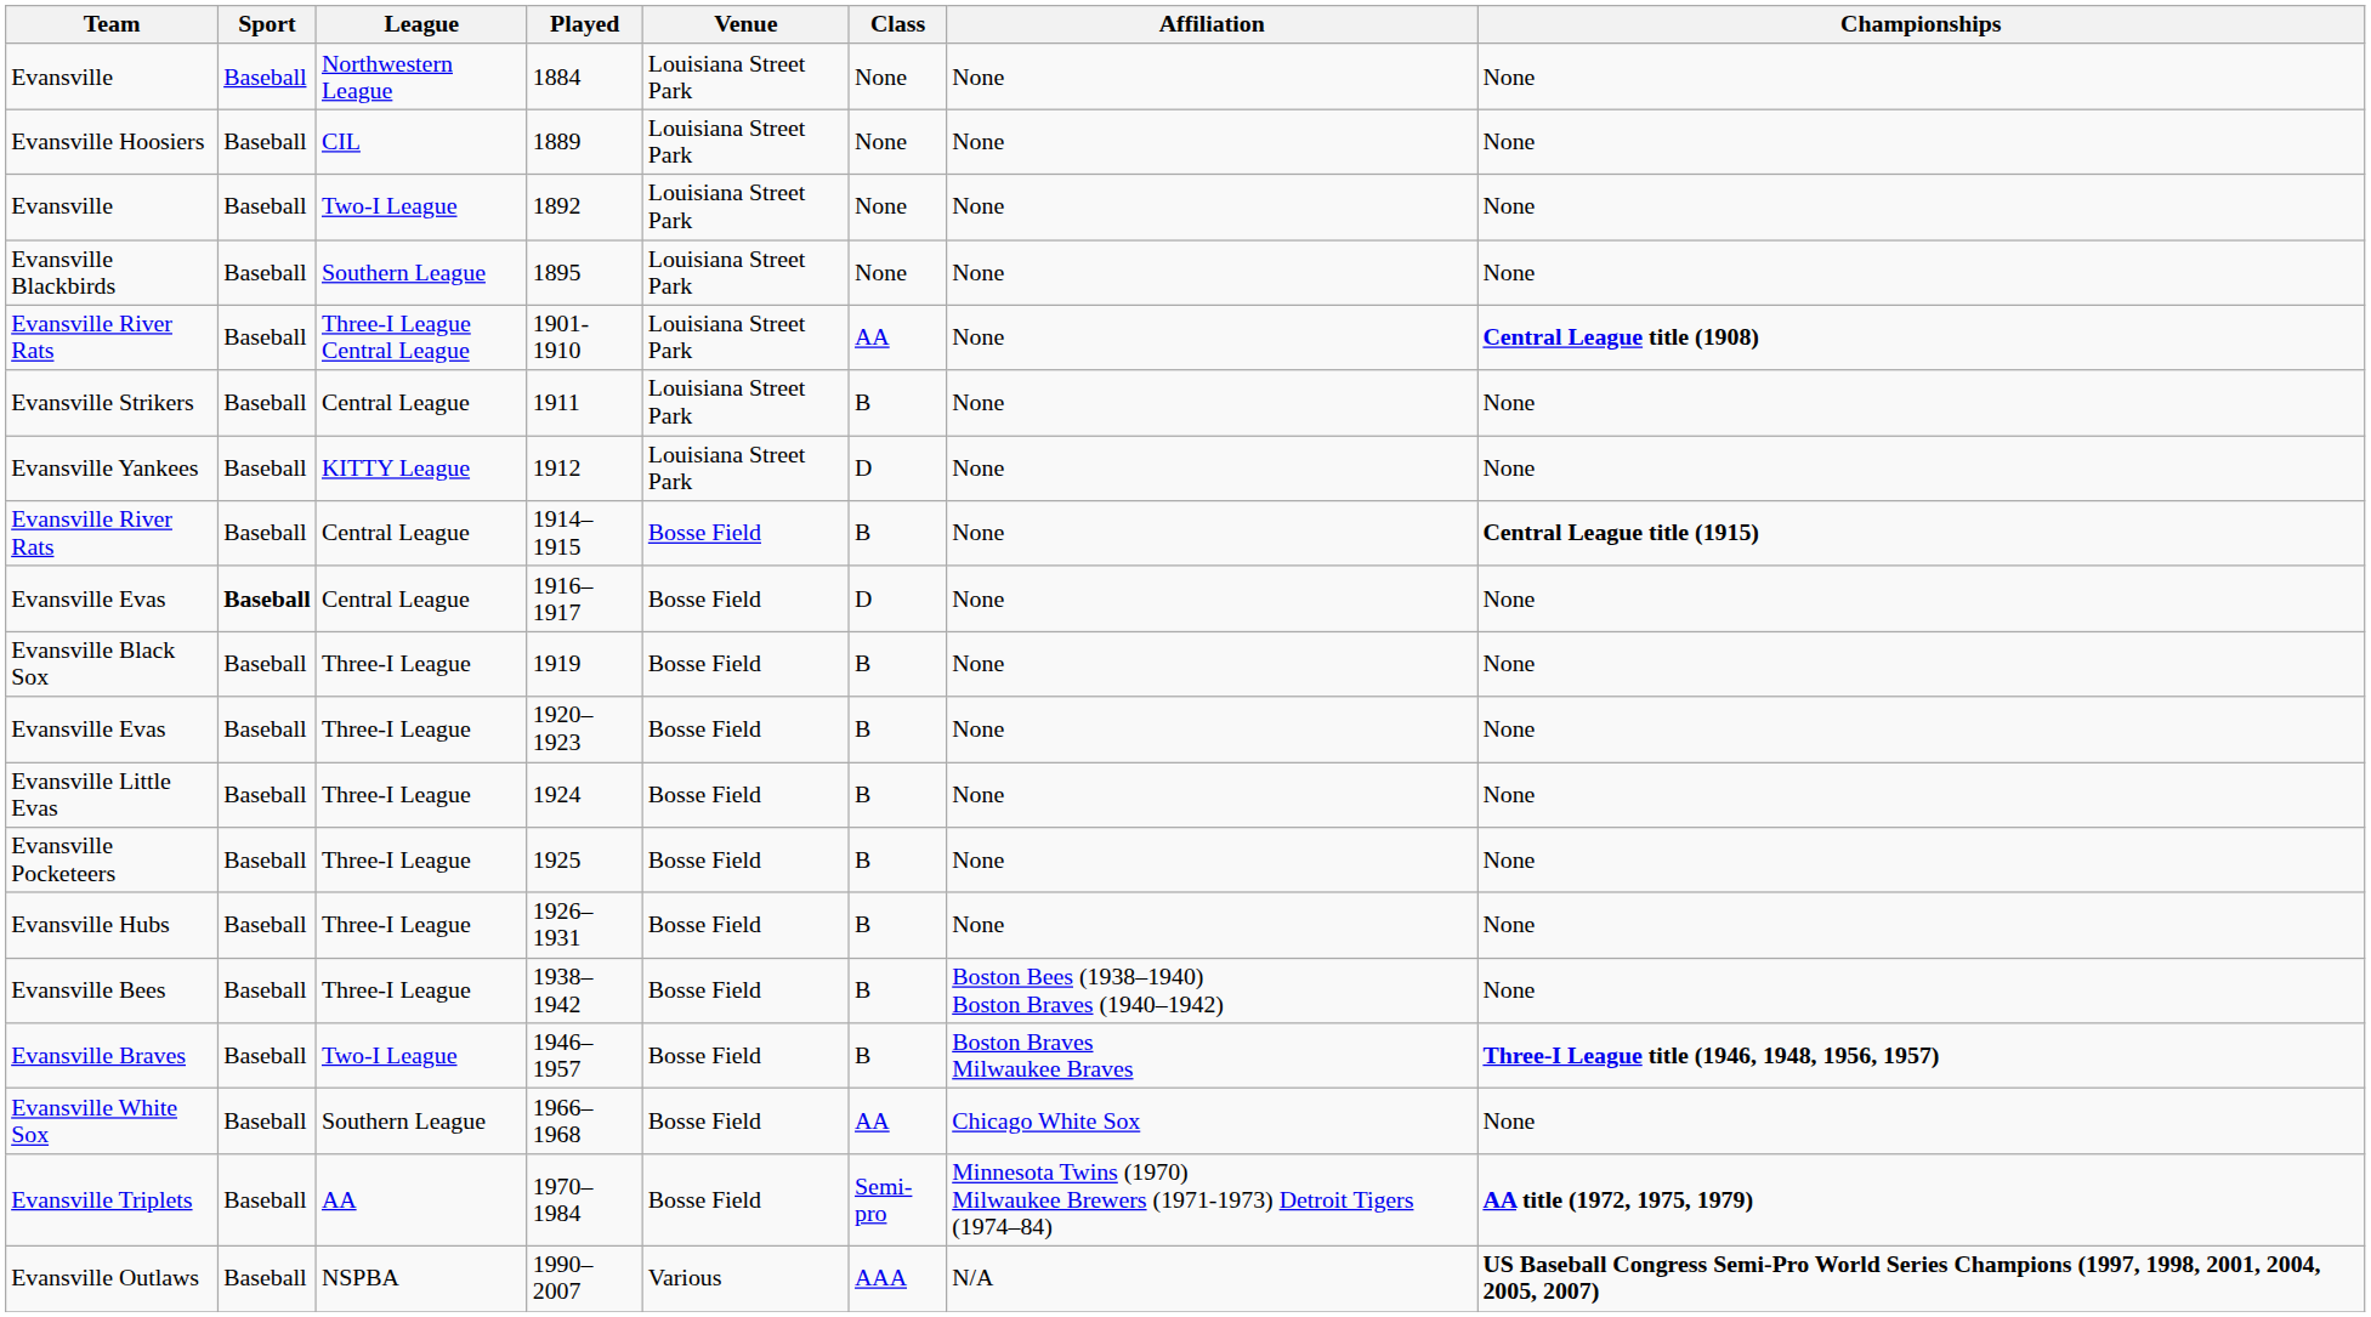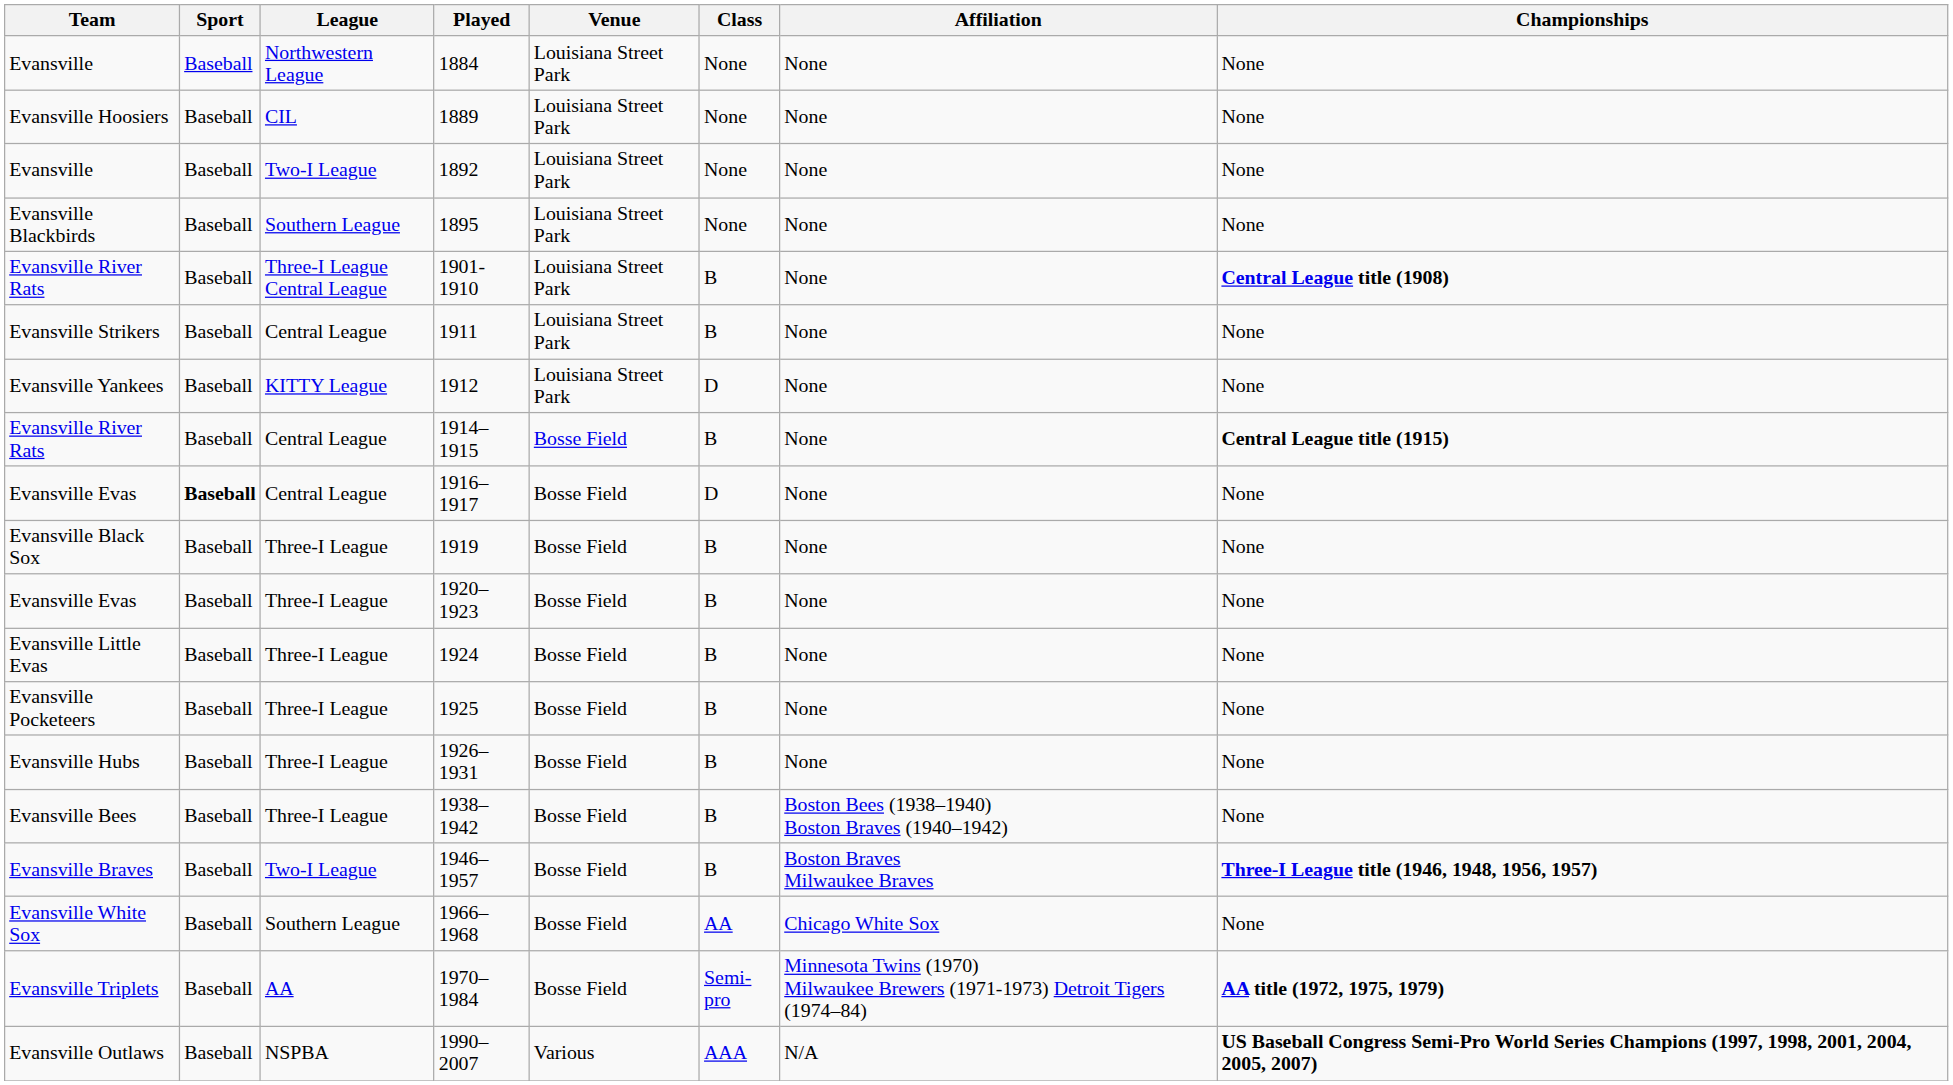 <table class="wikitable">
 <tr>
 <th>Team</th>
 <th>Sport</th>
 <th>League</th>
 <th>Played</th>
 <th>Venue</th>
 <th>Class</th>
 <th>Affiliation</th>
 <th>Championships</th>
 </tr>
 <tr>
 <td>Evansville</td>
 <td><a href='#'>Baseball</a></td>
 <td><a href='#'>Northwestern League</a></td>
 <td>1884</td>
 <td>Louisiana Street Park</td>
 <td>None</td>
 <td>None</td>
 <td>None</td>
 </tr>
 <tr>
 <td>Evansville Hoosiers</td>
 <td>Baseball</td>
 <td><a href='#'>CIL</a></td>
 <td>1889</td>
 <td>Louisiana Street Park</td>
 <td>None</td>
 <td>None</td>
 <td>None</td>
 </tr>
 <tr>
 <td>Evansville</td>
 <td>Baseball</td>
 <td><a href='#'>Two-I League</a></td>
 <td>1892</td>
 <td>Louisiana Street Park</td>
 <td>None</td>
 <td>None</td>
 <td>None</td>
 </tr>
 <tr>
 <td>Evansville Blackbirds</td>
 <td>Baseball</td>
 <td><a href='#'>Southern League</a></td>
 <td>1895</td>
 <td>Louisiana Street Park</td>
 <td>None</td>
 <td>None</td>
 <td>None</td>
 </tr>
 <tr>
 <td><a href='#'>Evansville River Rats</a></td>
 <td>Baseball</td>
 <td><a href='#'>Three-I League</a><br><a href='#'>Central League</a></td>
 <td>1901-1910</td>
 <td>Louisiana Street Park</td>
-<td><a href='#'>AA</a></td>
+<td>B</td>
 <td>None</td>
 <td><strong><a href='#'>Central League</a> title (1908)</strong></td>
 </tr>
 <tr>
 <td>Evansville Strikers</td>
 <td>Baseball</td>
 <td>Central League</td>
 <td>1911</td>
 <td>Louisiana Street Park</td>
 <td>B</td>
 <td>None</td>
 <td>None</td>
 </tr>
 <tr>
 <td>Evansville Yankees</td>
 <td>Baseball</td>
 <td><a href='#'>KITTY League</a></td>
 <td>1912</td>
 <td>Louisiana Street Park</td>
 <td>D</td>
 <td>None</td>
 <td>None</td>
 </tr>
 <tr>
 <td><a href='#'>Evansville River Rats</a></td>
 <td>Baseball</td>
 <td>Central League</td>
 <td>1914–1915</td>
 <td><a href='#'>Bosse Field</a></td>
 <td>B</td>
 <td>None</td>
 <td><strong>Central League title (1915)</strong></td>
 </tr>
 <tr>
 <td>Evansville Evas</td>
 <td><strong>Baseball</strong></td>
 <td>Central League</td>
 <td>1916–1917</td>
 <td>Bosse Field</td>
 <td>D</td>
 <td>None</td>
 <td>None</td>
 </tr>
 <tr>
 <td>Evansville Black Sox</td>
 <td>Baseball</td>
 <td>Three-I League</td>
 <td>1919</td>
 <td>Bosse Field</td>
 <td>B</td>
 <td>None</td>
 <td>None</td>
 </tr>
 <tr>
 <td>Evansville Evas</td>
 <td>Baseball</td>
 <td>Three-I League</td>
 <td>1920–1923</td>
 <td>Bosse Field</td>
 <td>B</td>
 <td>None</td>
 <td>None</td>
 </tr>
 <tr>
 <td>Evansville Little Evas</td>
 <td>Baseball</td>
 <td>Three-I League</td>
 <td>1924</td>
 <td>Bosse Field</td>
 <td>B</td>
 <td>None</td>
 <td>None</td>
 </tr>
 <tr>
 <td>Evansville Pocketeers</td>
 <td>Baseball</td>
 <td>Three-I League</td>
 <td>1925</td>
 <td>Bosse Field</td>
 <td>B</td>
 <td>None</td>
 <td>None</td>
 </tr>
 <tr>
 <td>Evansville Hubs</td>
 <td>Baseball</td>
 <td>Three-I League</td>
 <td>1926–1931</td>
 <td>Bosse Field</td>
 <td>B</td>
 <td>None</td>
 <td>None</td>
 </tr>
 <tr>
 <td>Evansville Bees</td>
 <td>Baseball</td>
 <td>Three-I League</td>
 <td>1938–1942</td>
 <td>Bosse Field</td>
 <td>B</td>
 <td><a href='#'>Boston Bees</a> (1938–1940)<br><a href='#'>Boston Braves</a> (1940–1942)</td>
 <td>None</td>
 </tr>
 <tr>
 <td><a href='#'>Evansville Braves</a></td>
 <td>Baseball</td>
 <td><a href='#'>Two-I League</a></td>
 <td>1946–1957</td>
 <td>Bosse Field</td>
 <td>B</td>
 <td><a href='#'>Boston Braves</a><br><a href='#'>Milwaukee Braves</a></td>
 <td><strong><a href='#'>Three-I League</a> title (1946, 1948, 1956, 1957)</strong></td>
 </tr>
 <tr>
 <td><a href='#'>Evansville White Sox</a></td>
 <td>Baseball</td>
 <td>Southern League</td>
 <td>1966–1968</td>
 <td>Bosse Field</td>
 <td><a href='#'>AA</a></td>
 <td><a href='#'>Chicago White Sox</a></td>
 <td>None</td>
 </tr>
 <tr>
 <td><a href='#'>Evansville Triplets</a></td>
 <td>Baseball</td>
 <td><a href='#'>AA</a></td>
 <td>1970–1984</td>
 <td>Bosse Field</td>
 <td><a href='#'>Semi-pro</a></td>
 <td><a href='#'>Minnesota Twins</a> (1970)<br><a href='#'>Milwaukee Brewers</a> (1971-1973) <a href='#'>Detroit Tigers</a> (1974–84)</td>
 <td><strong><a href='#'>AA</a> title (1972, 1975, 1979)</strong></td>
 </tr>
 <tr>
 <td>Evansville Outlaws</td>
 <td>Baseball</td>
 <td>NSPBA</td>
 <td>1990–2007</td>
 <td>Various</td>
 <td><a href='#'>AAA</a></td>
 <td>N/A</td>
 <td><strong>US Baseball Congress Semi-Pro World Series Champions (1997, 1998, 2001, 2004, 2005, 2007)</strong></td>
 </tr>
 </table>
